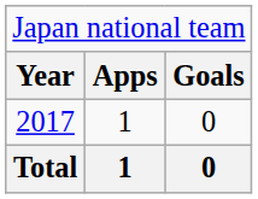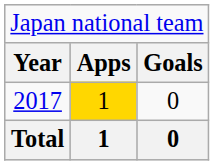 <table class="wikitable" style="text-align:center">
 <tr>
 <td colspan="3"><a href='#'>Japan national team</a></td>
 </tr>
 <tr>
 <th>Year</th>
 <th>Apps</th>
 <th>Goals</th>
 </tr>
 <tr>
 <td><a href='#'>2017</a></td>
-<td>1</td>
+<td style="background: gold;">1</td>
 <td>0</td>
 </tr>
 <tr>
 <th>Total</th>
 <th>1</th>
 <th>0</th>
 </tr>
 </table>
